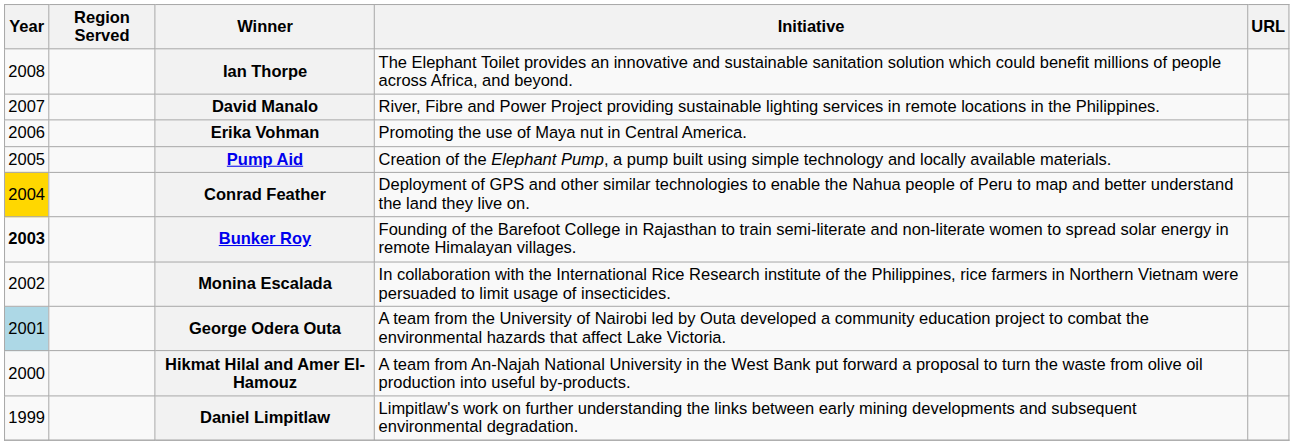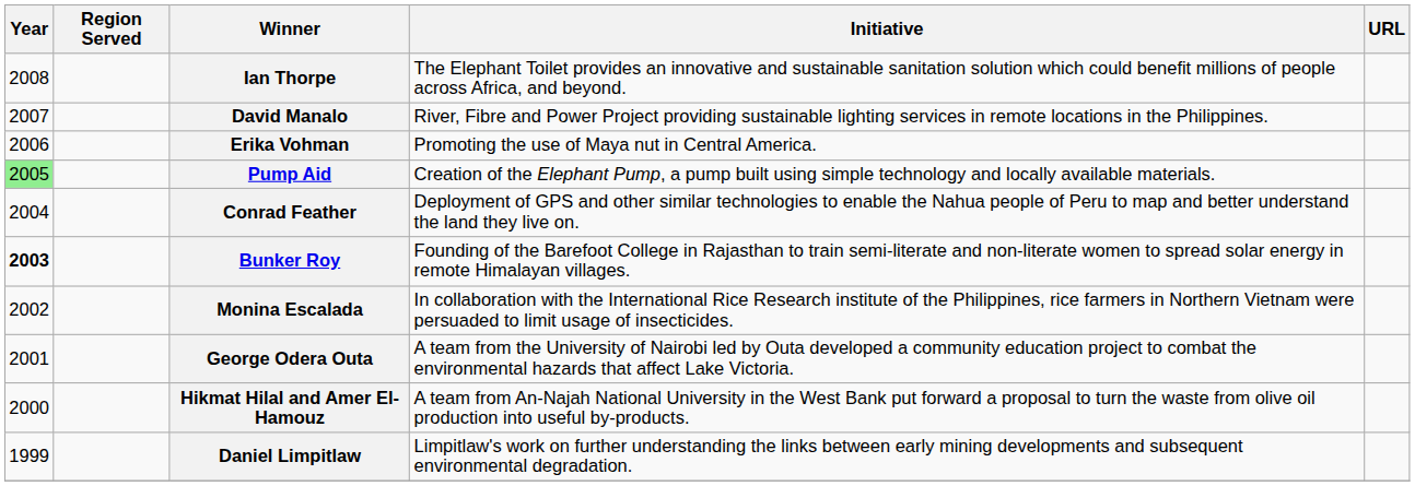 <table class="wikitable sortable">
 <tr>
 <th>Year</th>
 <th>Region Served</th>
 <th>Winner</th>
 <th>Initiative</th>
 <th>URL</th>
 </tr>
 <tr>
 <td>2008</td>
 <td></td>
 <th>Ian Thorpe</th>
 <td>The Elephant Toilet provides an innovative and sustainable sanitation solution which could benefit millions of people across Africa, and beyond.</td>
 <td></td>
 </tr>
 <tr>
 <td>2007</td>
 <td></td>
 <th>David Manalo</th>
 <td>River, Fibre and Power Project providing sustainable lighting services in remote locations in the Philippines.</td>
 <td></td>
 </tr>
 <tr>
 <td>2006</td>
 <td></td>
 <th>Erika Vohman</th>
 <td>Promoting the use of Maya nut in Central America.</td>
 <td></td>
 </tr>
 <tr>
-<td>2005</td>
+<td style="background: lightgreen;">2005</td>
 <td></td>
 <th><a href='#'>Pump Aid</a></th>
 <td>Creation of the <em>Elephant Pump</em>, a pump built using simple technology and  locally available materials.</td>
 <td></td>
 </tr>
 <tr>
-<td style="background: gold;">2004</td>
+<td>2004</td>
 <td></td>
 <th>Conrad Feather</th>
 <td>Deployment of GPS and other similar technologies to enable the Nahua people of Peru to map and better understand the land they live on.</td>
 <td></td>
 </tr>
 <tr>
 <td><strong>2003</strong></td>
 <td></td>
 <th><a href='#'>Bunker Roy</a></th>
 <td>Founding of the Barefoot College in Rajasthan to train semi-literate and non-literate women to spread solar energy in remote Himalayan villages.</td>
 <td></td>
 </tr>
 <tr>
 <td>2002</td>
 <td></td>
 <th>Monina Escalada</th>
 <td>In collaboration with the International Rice Research institute of the Philippines, rice farmers in Northern Vietnam were persuaded to limit usage of insecticides.</td>
 <td></td>
 </tr>
 <tr>
-<td style="background: lightblue;">2001</td>
+<td>2001</td>
 <td></td>
 <th>George Odera Outa</th>
 <td>A team from the University of Nairobi led by Outa developed a community education project to combat the environmental hazards that affect Lake Victoria.</td>
 <td></td>
 </tr>
 <tr>
 <td>2000</td>
 <td></td>
 <th>Hikmat Hilal and Amer El-Hamouz</th>
 <td>A team from An-Najah National University in the West Bank put forward a proposal to turn the waste from olive oil production into useful by-products.</td>
 <td></td>
 </tr>
 <tr>
 <td>1999</td>
 <td></td>
 <th>Daniel Limpitlaw</th>
 <td>Limpitlaw's work on further understanding the links between early mining developments and subsequent environmental degradation.</td>
 <td></td>
 </tr>
 <tr>
 </tr>
 </table>
